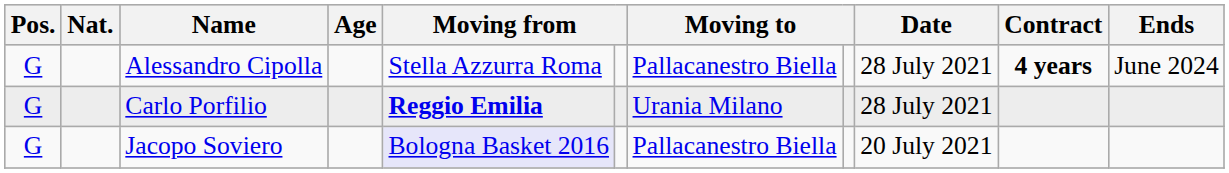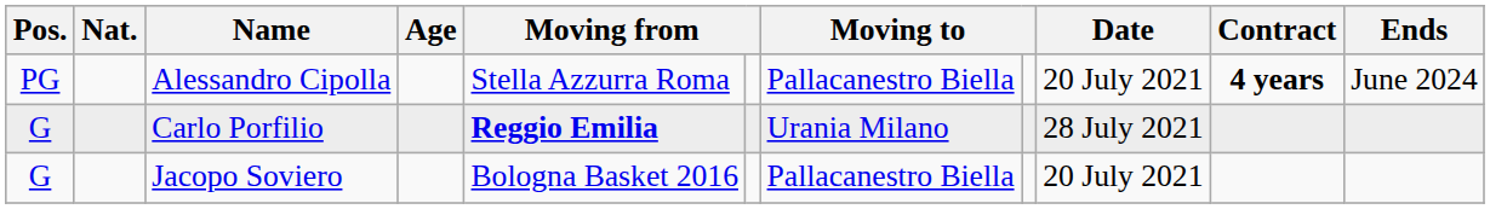 <table class="wikitable sortable">
 <tr>
 <th>Pos.</th>
 <th>Nat.</th>
 <th>Name</th>
 <th>Age</th>
 <th colspan=2>Moving from</th>
 <th colspan=2>Moving to</th>
 <th>Date</th>
 <th>Contract</th>
 <th>Ends</th>
 </tr>
 <tr>
-<td style="text-align: center;"><a href='#'>G</a></td>
+<td style="text-align: center;"><a href='#'>PG</a></td>
 <td style="text-align: center;"></td>
 <td><a href='#'>Alessandro Cipolla</a></td>
 <td style="text-align: center;"></td>
 <td><a href='#'>Stella Azzurra Roma</a></td>
 <td style="text-align: center;"></td>
 <td><a href='#'>Pallacanestro Biella</a></td>
 <td style="text-align: center;"></td>
-<td style="text-align: center;">28 July 2021</td>
+<td style="text-align: center;">20 July 2021</td>
 <td style="text-align: center;"><strong>4 years</strong></td>
 <td style="text-align: center;">June 2024</td>
 </tr>
 <tr style="background-color: #ededed;">
 <td style="text-align: center;"><a href='#'>G</a></td>
 <td style="text-align: center;"></td>
 <td><a href='#'>Carlo Porfilio</a></td>
 <td style="text-align: center;"></td>
 <td><strong><a href='#'>Reggio Emilia</a></strong></td>
 <td style="text-align: center;"></td>
 <td><a href='#'>Urania Milano</a></td>
 <td style="text-align: center;"></td>
 <td style="text-align: center;">28 July 2021</td>
 <td style="text-align: center;"></td>
 <td style="text-align: center;"></td>
 </tr>
 <tr>
 <td style="text-align: center;"><a href='#'>G</a></td>
 <td style="text-align: center;"></td>
 <td><a href='#'>Jacopo Soviero</a></td>
 <td style="text-align: center;"></td>
-<td style="background: lavender;"><a href='#'>Bologna Basket 2016</a></td>
+<td><a href='#'>Bologna Basket 2016</a></td>
 <td style="text-align: center;"></td>
 <td><a href='#'>Pallacanestro Biella</a></td>
 <td style="text-align: center;"></td>
 <td style="text-align: center;">20 July 2021</td>
 <td style="text-align: center;"></td>
 <td style="text-align: center;"></td>
 </tr>
 </table>
